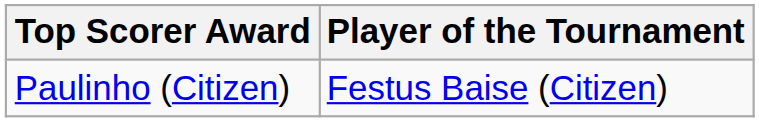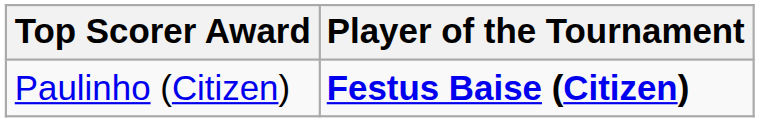 <table class="wikitable" style="margin: 0 auto;">
 <tr>
 <th>Top Scorer Award</th>
 <th>Player of the Tournament</th>
 </tr>
 <tr>
 <td> <a href='#'>Paulinho</a> (<a href='#'>Citizen</a>)</td>
-<td> <a href='#'>Festus Baise</a> (<a href='#'>Citizen</a>)</td>
+<td><strong> <a href='#'>Festus Baise</a> (<a href='#'>Citizen</a>)</strong></td>
 </tr>
 </table>
